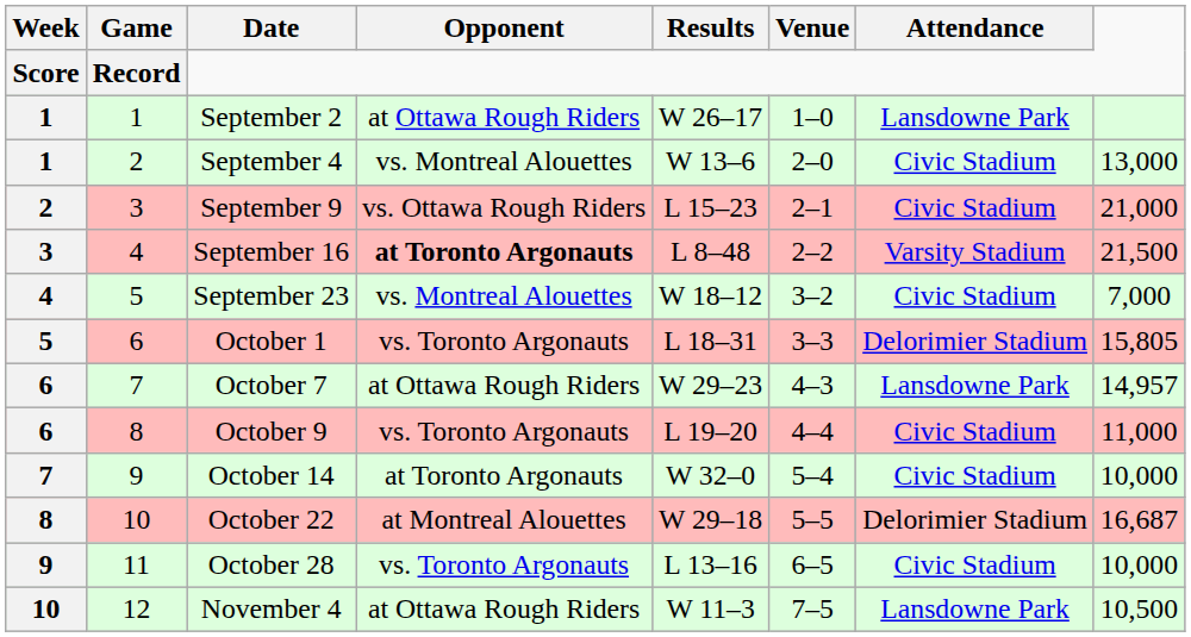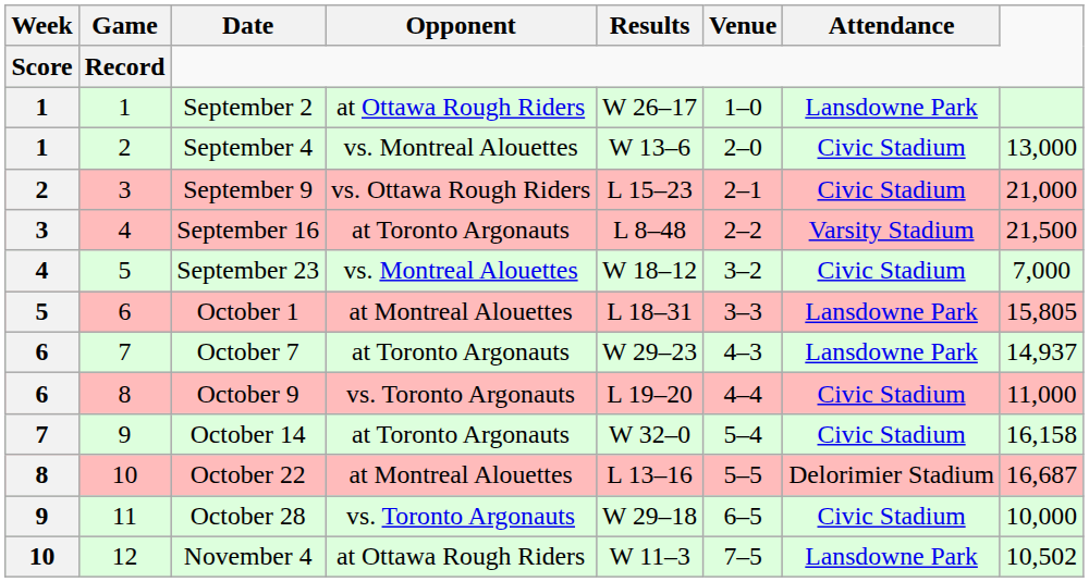 <table class="wikitable" style="text-align:center">
 <tr>
 <th>Week</th>
 <th>Game</th>
 <th>Date</th>
 <th>Opponent</th>
 <th>Results</th>
 <th>Venue</th>
 <th>Attendance</th>
 </tr>
 <tr>
 <th>Score</th>
 <th>Record</th>
 </tr>
 <tr style="background:#ddffdd">
 <th>1</th>
 <td>1</td>
 <td>September 2</td>
 <td>at <a href='#'>Ottawa Rough Riders</a></td>
 <td>W 26–17</td>
 <td>1–0</td>
 <td><a href='#'>Lansdowne Park</a></td>
 <td></td>
 </tr>
 <tr style="background:#ddffdd">
 <th>1</th>
 <td>2</td>
 <td>September 4</td>
 <td>vs. Montreal Alouettes</td>
 <td>W 13–6</td>
 <td>2–0</td>
 <td><a href='#'>Civic Stadium</a></td>
 <td>13,000</td>
 </tr>
 <tr style="background:#ffbbbb">
 <th>2</th>
 <td>3</td>
 <td>September 9</td>
 <td>vs. Ottawa Rough Riders</td>
 <td>L 15–23</td>
 <td>2–1</td>
 <td><a href='#'>Civic Stadium</a></td>
 <td>21,000</td>
 </tr>
 <tr style="background:#ffbbbb">
 <th>3</th>
 <td>4</td>
 <td>September 16</td>
-<td><strong>at Toronto Argonauts</strong></td>
+<td>at Toronto Argonauts</td>
 <td>L 8–48</td>
 <td>2–2</td>
 <td><a href='#'>Varsity Stadium</a></td>
 <td>21,500</td>
 </tr>
 <tr style="background:#ddffdd">
 <th>4</th>
 <td>5</td>
 <td>September 23</td>
 <td>vs. <a href='#'>Montreal Alouettes</a></td>
 <td>W 18–12</td>
 <td>3–2</td>
 <td><a href='#'>Civic Stadium</a></td>
 <td>7,000</td>
 </tr>
 <tr style="background:#ffbbbb">
 <th>5</th>
 <td>6</td>
 <td>October 1</td>
-<td>vs. Toronto Argonauts</td>
+<td>at Montreal Alouettes</td>
 <td>L 18–31</td>
 <td>3–3</td>
-<td><a href='#'>Delorimier Stadium</a></td>
+<td><a href='#'>Lansdowne Park</a></td>
 <td>15,805</td>
 </tr>
 <tr style="background:#ddffdd">
 <th>6</th>
 <td>7</td>
 <td>October 7</td>
-<td>at Ottawa Rough Riders</td>
+<td>at Toronto Argonauts</td>
 <td>W 29–23</td>
 <td>4–3</td>
 <td><a href='#'>Lansdowne Park</a></td>
-<td>14,957</td>
+<td>14,937</td>
 </tr>
 <tr style="background:#ffbbbb">
 <th>6</th>
 <td>8</td>
 <td>October 9</td>
 <td>vs. Toronto Argonauts</td>
 <td>L 19–20</td>
 <td>4–4</td>
 <td><a href='#'>Civic Stadium</a></td>
 <td>11,000</td>
 </tr>
 <tr style="background:#ddffdd">
 <th>7</th>
 <td>9</td>
 <td>October 14</td>
 <td>at Toronto Argonauts</td>
 <td>W 32–0</td>
 <td>5–4</td>
 <td><a href='#'>Civic Stadium</a></td>
-<td>10,000</td>
+<td>16,158</td>
 </tr>
 <tr style="background:#ffbbbb">
 <th>8</th>
 <td>10</td>
 <td>October 22</td>
 <td>at Montreal Alouettes</td>
-<td>W 29–18</td>
+<td>L 13–16</td>
 <td>5–5</td>
 <td>Delorimier Stadium</td>
 <td>16,687</td>
 </tr>
 <tr style="background:#ddffdd">
 <th>9</th>
 <td>11</td>
 <td>October 28</td>
 <td>vs. <a href='#'>Toronto Argonauts</a></td>
-<td>L 13–16</td>
+<td>W 29–18</td>
 <td>6–5</td>
 <td><a href='#'>Civic Stadium</a></td>
 <td>10,000</td>
 </tr>
 <tr style="background:#ddffdd">
 <th>10</th>
 <td>12</td>
 <td>November 4</td>
 <td>at Ottawa Rough Riders</td>
 <td>W 11–3</td>
 <td>7–5</td>
 <td><a href='#'>Lansdowne Park</a></td>
-<td>10,500</td>
+<td>10,502</td>
 </tr>
 </table>
